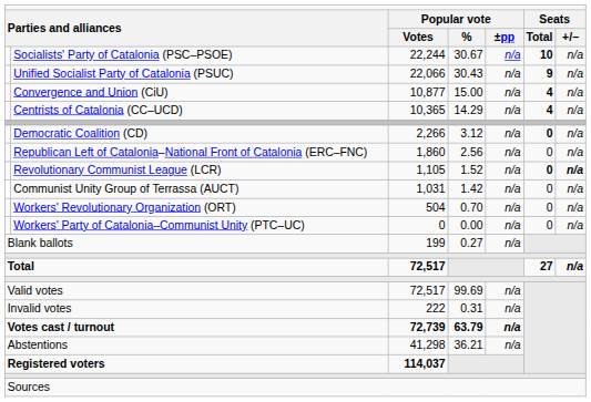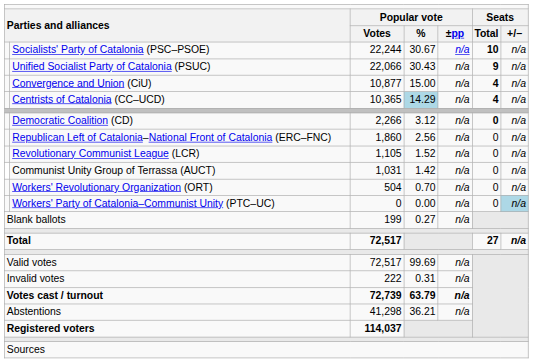 <table class="wikitable" style="text-align:right;">
 <tr>
 <td colspan="7"></td>
 </tr>
 <tr>
 <th style="text-align:left;" rowspan="2" colspan="2" width="525">Parties and alliances</th>
 <th colspan="3">Popular vote</th>
 <th colspan="2">Seats</th>
 </tr>
 <tr>
 <th width="75">Votes</th>
 <th width="45">%</th>
 <th width="45">±<a href='#'>pp</a></th>
 <th width="35">Total</th>
 <th width="35">+/−</th>
 </tr>
 <tr>
 <td width="1" style="color:inherit;background:"></td>
 <td align="left"><a href='#'>Socialists' Party of Catalonia</a> (PSC–PSOE)</td>
 <td>22,244</td>
 <td>30.67</td>
 <td><em><a href='#'>n/a</a></em></td>
 <td><strong>10</strong></td>
 <td><em>n/a</em></td>
 </tr>
 <tr>
 <td style="color:inherit;background:"></td>
 <td align="left"><a href='#'>Unified Socialist Party of Catalonia</a> (PSUC)</td>
 <td>22,066</td>
 <td>30.43</td>
 <td><em>n/a</em></td>
 <td><strong>9</strong></td>
 <td><em>n/a</em></td>
 </tr>
 <tr>
 <td style="color:inherit;background:"></td>
 <td align="left"><a href='#'>Convergence and Union</a> (CiU)</td>
 <td>10,877</td>
 <td>15.00</td>
 <td><em>n/a</em></td>
 <td><strong>4</strong></td>
 <td><em>n/a</em></td>
 </tr>
 <tr>
 <td style="color:inherit;background:"></td>
 <td align="left"><a href='#'>Centrists of Catalonia</a> (CC–UCD)</td>
 <td>10,365</td>
-<td>14.29</td>
+<td style="background: lightblue;">14.29</td>
 <td><em>n/a</em></td>
 <td><strong>4</strong></td>
 <td><em>n/a</em></td>
 </tr>
 <tr>
 <td colspan="7" style="color:inherit;background:#C0C0C0"></td>
 </tr>
 <tr>
 <td style="color:inherit;background:"></td>
 <td align="left"><a href='#'>Democratic Coalition</a> (CD)</td>
 <td>2,266</td>
 <td>3.12</td>
 <td><em>n/a</em></td>
 <td><strong>0</strong></td>
 <td><em>n/a</em></td>
 </tr>
 <tr>
 <td style="color:inherit;background:"></td>
 <td align="left"><a href='#'>Republican Left of Catalonia</a>–<a href='#'>National Front of Catalonia</a> (ERC–FNC)</td>
 <td>1,860</td>
 <td>2.56</td>
 <td><em>n/a</em></td>
 <td>0</td>
 <td><em>n/a</em></td>
 </tr>
 <tr>
 <td style="color:inherit;background:"></td>
 <td align="left"><a href='#'>Revolutionary Communist League</a> (LCR)</td>
 <td>1,105</td>
 <td>1.52</td>
 <td><em>n/a</em></td>
-<td><strong>0</strong></td>
-<td><strong><em>n/a</em></strong></td>
+<td>0</td>
+<td><em>n/a</em></td>
 </tr>
 <tr>
 <td bgcolor="white"></td>
 <td align="left">Communist Unity Group of Terrassa (AUCT)</td>
 <td>1,031</td>
 <td>1.42</td>
 <td><em>n/a</em></td>
 <td>0</td>
 <td><em>n/a</em></td>
 </tr>
 <tr>
 <td style="color:inherit;background:"></td>
 <td align="left"><a href='#'>Workers' Revolutionary Organization</a> (ORT)</td>
 <td>504</td>
 <td>0.70</td>
 <td><em>n/a</em></td>
 <td>0</td>
 <td><em>n/a</em></td>
 </tr>
 <tr>
 <td style="color:inherit;background:"></td>
 <td align="left"><a href='#'>Workers' Party of Catalonia–Communist Unity</a> (PTC–UC)</td>
 <td>0</td>
 <td>0.00</td>
 <td><em>n/a</em></td>
 <td>0</td>
-<td><em>n/a</em></td>
+<td style="background: lightblue;"><em>n/a</em></td>
 </tr>
 <tr>
 <td align="left" colspan="2">Blank ballots</td>
 <td>199</td>
 <td>0.27</td>
 <td><em>n/a</em></td>
 <td style="color:inherit;background:#E9E9E9" colspan="2"></td>
 </tr>
 <tr>
 <td colspan="7" style="color:inherit;background:#E9E9E9"></td>
 </tr>
 <tr style="font-weight:bold;">
 <td align="left" colspan="2">Total</td>
 <td>72,517</td>
 <td bgcolor="#E9E9E9" colspan="2"></td>
 <td>27</td>
 <td><em>n/a</em></td>
 </tr>
 <tr>
 <td colspan="7" style="color:inherit;background:#E9E9E9"></td>
 </tr>
 <tr>
 <td align="left" colspan="2">Valid votes</td>
 <td>72,517</td>
 <td>99.69</td>
 <td><em>n/a</em></td>
 <td bgcolor="#E9E9E9" colspan="2" rowspan="5"></td>
 </tr>
 <tr>
 <td align="left" colspan="2">Invalid votes</td>
 <td>222</td>
 <td>0.31</td>
 <td><em>n/a</em></td>
 </tr>
 <tr style="font-weight:bold;">
 <td align="left" colspan="2">Votes cast / turnout</td>
 <td>72,739</td>
 <td>63.79</td>
 <td><em>n/a</em></td>
 </tr>
 <tr>
 <td align="left" colspan="2">Abstentions</td>
 <td>41,298</td>
 <td>36.21</td>
 <td><em>n/a</em></td>
 </tr>
 <tr style="font-weight:bold;">
 <td align="left" colspan="2">Registered voters</td>
 <td>114,037</td>
 <td bgcolor="#E9E9E9" colspan="2"></td>
 </tr>
 <tr>
 <td colspan="7" style="color:inherit;background:#E9E9E9"></td>
 </tr>
 <tr>
 <td align="left" colspan="7">Sources</td>
 </tr>
 </table>
